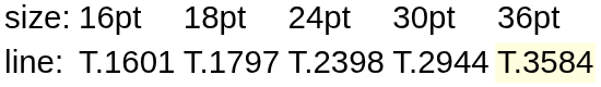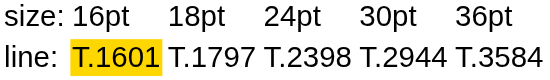 <table style="margin-left:40px;">
 <tr>
 <td>size:</td>
 <td>16pt</td>
 <td>18pt</td>
 <td>24pt</td>
 <td>30pt</td>
 <td>36pt</td>
 </tr>
 <tr>
 <td>line:</td>
-<td>T.1601</td>
+<td style="background: gold;">T.1601</td>
 <td>T.1797</td>
 <td>T.2398</td>
 <td>T.2944</td>
-<td style="background: lightyellow;">T.3584</td>
+<td>T.3584</td>
 </tr>
 </table>
